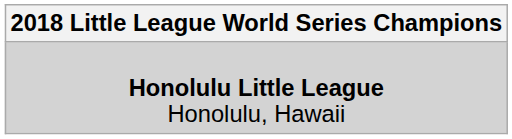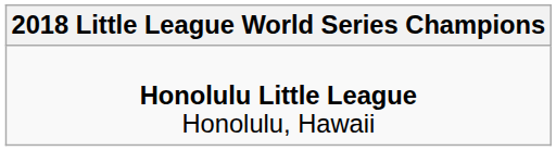 <table class="wikitable" style="text-align: center; margin: 0 auto;">
 <tr>
 <th>2018 Little League World Series Champions</th>
 </tr>
 <tr>
-<td style="background: lightgrey;"> <br><strong>Honolulu Little League</strong><br> Honolulu, Hawaii</td>
+<td> <br><strong>Honolulu Little League</strong><br> Honolulu, Hawaii</td>
 </tr>
 </table>
